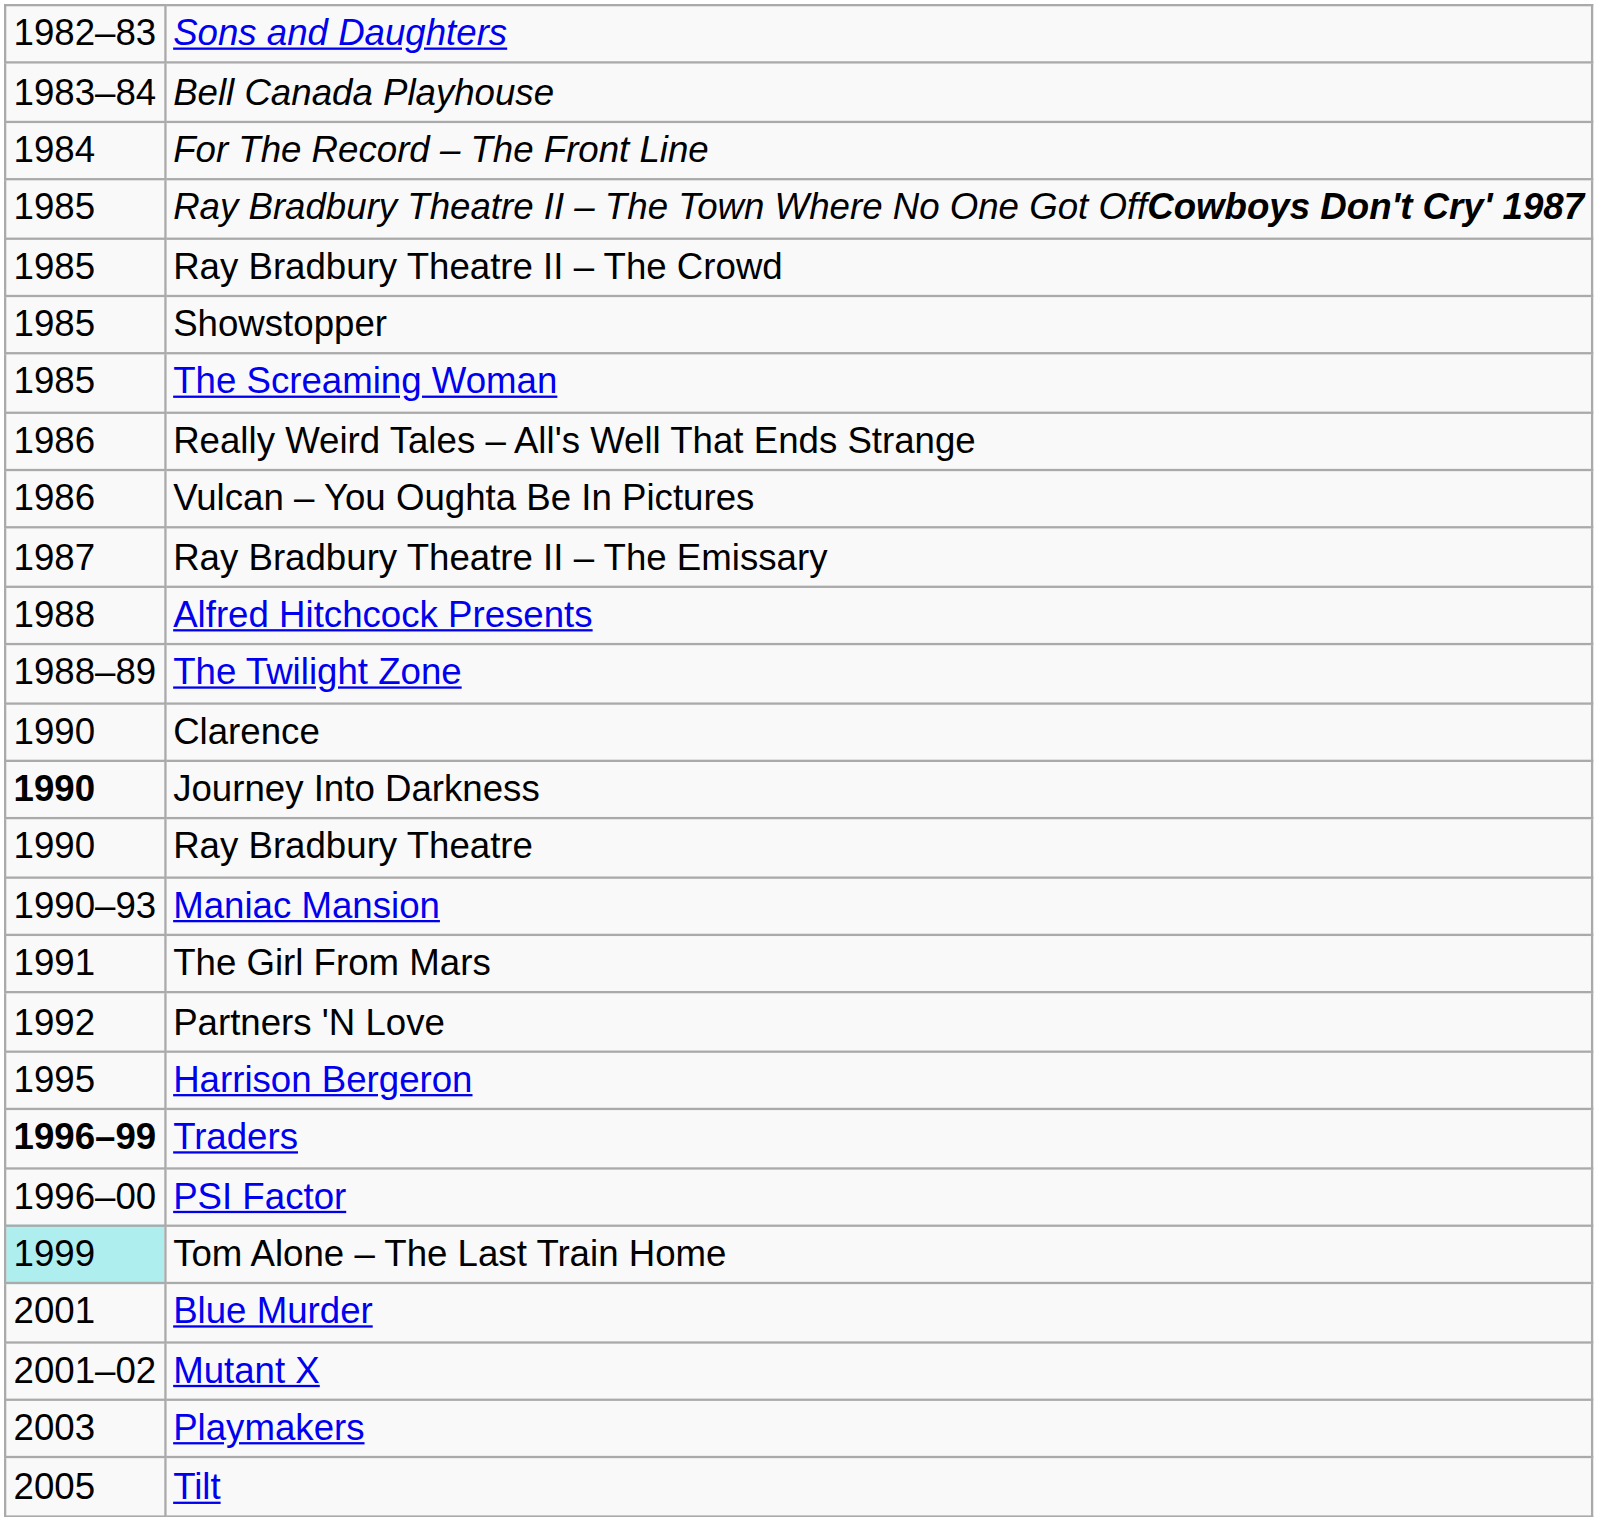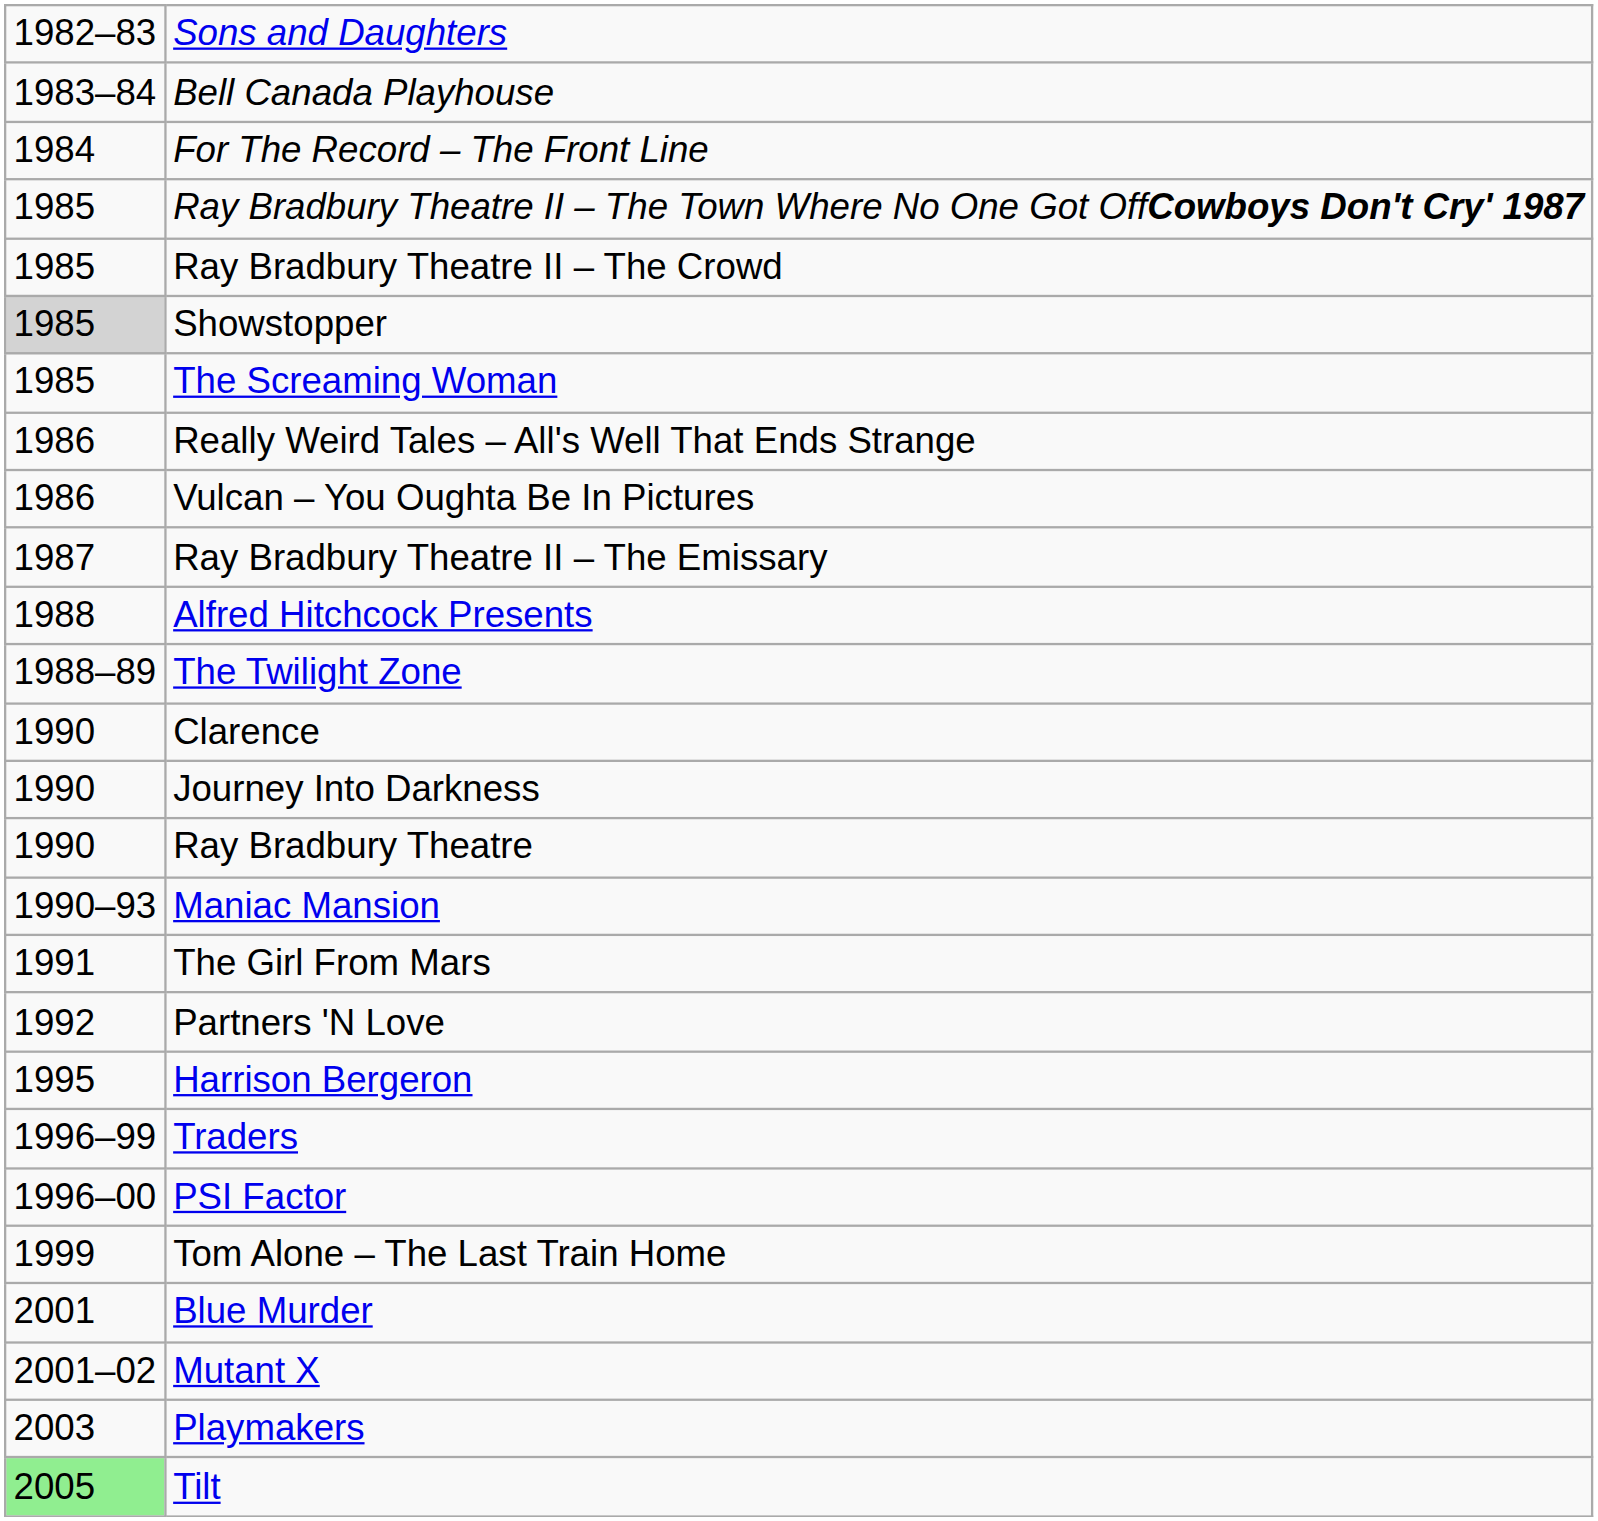 <table class="wikitable">
 <tr>
 <td>1982–83</td>
 <td><em><a href='#'>Sons and Daughters</a></em></td>
 </tr>
 <tr>
 <td>1983–84</td>
 <td><em>Bell Canada Playhouse</em></td>
 </tr>
 <tr>
 <td>1984</td>
 <td><em>For The Record – The Front Line</em></td>
 </tr>
 <tr>
 <td>1985</td>
 <td><em>Ray Bradbury Theatre II – The Town Where No One Got Off<strong>Cowboys Don't Cry' 1987</td>
 </tr>
 <tr>
 <td>1985</td>
 <td></em>Ray Bradbury Theatre II – The Crowd<em></td>
 </tr>
 <tr>
-<td>1985</td>
+<td style="background: lightgrey;">1985</td>
 <td></em>Showstopper<em></td>
 </tr>
 <tr>
 <td>1985</td>
 <td></em><a href='#'>The Screaming Woman</a><em></td>
 </tr>
 <tr>
 <td>1986</td>
 <td></em>Really Weird Tales – All's Well That Ends Strange<em></td>
 </tr>
 <tr>
 <td>1986</td>
 <td></em>Vulcan – You Oughta Be In Pictures<em></td>
 </tr>
 <tr>
 <td>1987</td>
 <td></em>Ray Bradbury Theatre II – The Emissary<em></td>
 </tr>
 <tr>
 <td>1988</td>
 <td></em><a href='#'>Alfred Hitchcock Presents</a><em></td>
 </tr>
 <tr>
 <td>1988–89</td>
 <td></em><a href='#'>The Twilight Zone</a><em></td>
 </tr>
 <tr>
 <td>1990</td>
 <td></em>Clarence<em></td>
 </tr>
 <tr>
-<td><strong>1990</strong></td>
+<td>1990</td>
 <td></em>Journey Into Darkness<em></td>
 </tr>
 <tr>
 <td>1990</td>
 <td></em>Ray Bradbury Theatre<em></td>
 </tr>
 <tr>
 <td>1990–93</td>
 <td></em><a href='#'>Maniac Mansion</a><em></td>
 </tr>
 <tr>
 <td>1991</td>
 <td></em>The Girl From Mars<em></td>
 </tr>
 <tr>
 <td>1992</td>
 <td></em>Partners 'N Love<em></td>
 </tr>
 <tr>
 <td>1995</td>
 <td></em><a href='#'>Harrison Bergeron</a><em></td>
 </tr>
 <tr>
-<td><strong>1996–99</strong></td>
+<td>1996–99</td>
 <td></em><a href='#'>Traders</a><em></td>
 </tr>
 <tr>
 <td>1996–00</td>
 <td></em><a href='#'>PSI Factor</a><em></td>
 </tr>
 <tr>
-<td style="background: paleturquoise;">1999</td>
+<td>1999</td>
 <td></em>Tom Alone – The Last Train Home<em></td>
 </tr>
 <tr>
 <td>2001</td>
 <td></em><a href='#'>Blue Murder</a><em></td>
 </tr>
 <tr>
 <td>2001–02</td>
 <td></em><a href='#'>Mutant X</a><em></td>
 </tr>
 <tr>
 <td>2003</td>
 <td></em><a href='#'>Playmakers</a><em></td>
 </tr>
 <tr>
-<td>2005</td>
+<td style="background: lightgreen;">2005</td>
 <td></em><a href='#'>Tilt</a><em></td>
 </tr>
 </table>
